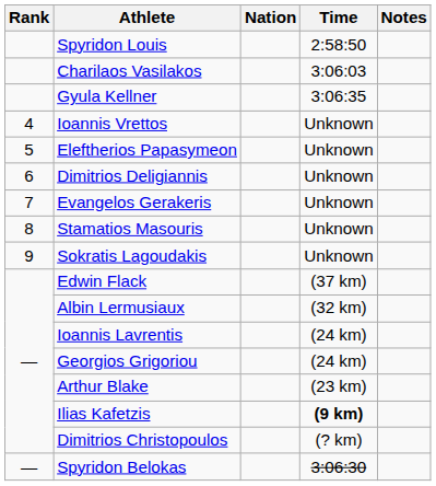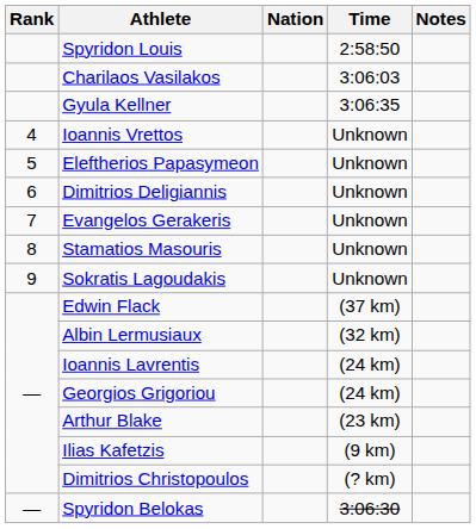 <table class="wikitable sortable" style="text-align:center">
 <tr>
 <th>Rank</th>
 <th>Athlete</th>
 <th>Nation</th>
 <th>Time</th>
 <th>Notes</th>
 </tr>
 <tr>
 <td></td>
 <td align=left><a href='#'>Spyridon Louis</a></td>
 <td align=left></td>
 <td>2:58:50</td>
 <td></td>
 </tr>
 <tr>
 <td></td>
 <td align=left><a href='#'>Charilaos Vasilakos</a></td>
 <td align=left></td>
 <td>3:06:03</td>
 <td></td>
 </tr>
 <tr>
 <td></td>
 <td align=left><a href='#'>Gyula Kellner</a></td>
 <td align=left></td>
 <td>3:06:35</td>
 <td></td>
 </tr>
 <tr>
 <td>4</td>
 <td align=left><a href='#'>Ioannis Vrettos</a></td>
 <td align=left></td>
 <td data-sort-value=3:07:00>Unknown</td>
 <td></td>
 </tr>
 <tr>
 <td>5</td>
 <td align=left><a href='#'>Eleftherios Papasymeon</a></td>
 <td align=left></td>
 <td data-sort-value=3:08:00>Unknown</td>
 <td></td>
 </tr>
 <tr>
 <td>6</td>
 <td align=left><a href='#'>Dimitrios Deligiannis</a></td>
 <td align=left></td>
 <td data-sort-value=3:09:00>Unknown</td>
 <td></td>
 </tr>
 <tr>
 <td>7</td>
 <td align=left><a href='#'>Evangelos Gerakeris</a></td>
 <td align=left></td>
 <td data-sort-value=3:10:00>Unknown</td>
 <td></td>
 </tr>
 <tr>
 <td>8</td>
 <td align=left><a href='#'>Stamatios Masouris</a></td>
 <td align=left></td>
 <td data-sort-value=3:11:00>Unknown</td>
 <td></td>
 </tr>
 <tr>
 <td>9</td>
 <td align=left><a href='#'>Sokratis Lagoudakis</a></td>
 <td align=left></td>
 <td data-sort-value=3:12:00>Unknown</td>
 <td></td>
 </tr>
 <tr>
 <td rowspan=7 data-sort-value=10>—</td>
 <td align=left><a href='#'>Edwin Flack</a></td>
 <td align=left></td>
 <td data-sort-value=4:07:00> (37 km)</td>
 <td></td>
 </tr>
 <tr>
 <td align=left><a href='#'>Albin Lermusiaux</a></td>
 <td align=left></td>
 <td data-sort-value=5:07:00> (32 km)</td>
 <td></td>
 </tr>
 <tr>
 <td align=left><a href='#'>Ioannis Lavrentis</a></td>
 <td align=left></td>
 <td data-sort-value=6:07:00> (24 km)</td>
 <td></td>
 </tr>
 <tr>
 <td align=left><a href='#'>Georgios Grigoriou</a></td>
 <td align=left></td>
 <td data-sort-value=7:07:00> (24 km)</td>
 <td></td>
 </tr>
 <tr>
 <td align=left><a href='#'>Arthur Blake</a></td>
 <td align=left></td>
 <td data-sort-value=8:07:00> (23 km)</td>
 <td></td>
 </tr>
 <tr>
 <td align=left><a href='#'>Ilias Kafetzis</a></td>
 <td align=left></td>
-<td data-sort-value=9:07:00><strong> (9 km)</strong></td>
+<td data-sort-value=9:07:00> (9 km)</td>
 <td></td>
 </tr>
 <tr>
 <td align=left><a href='#'>Dimitrios Christopoulos</a></td>
 <td align=left></td>
 <td data-sort-value=9:08:00> (? km)</td>
 <td></td>
 </tr>
 <tr>
 <td data-sort-value=17>—</td>
 <td align=left><a href='#'>Spyridon Belokas</a></td>
 <td align=left></td>
 <td><s>3:06:30</s></td>
 <td></td>
 </tr>
 </table>
